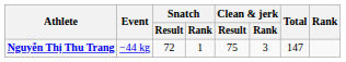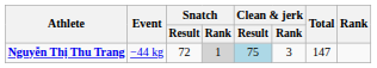 <table class="wikitable" style="font-size:90%">
 <tr>
 <th rowspan="2">Athlete</th>
 <th rowspan="2">Event</th>
 <th colspan="2">Snatch</th>
 <th colspan="2">Clean & jerk</th>
 <th rowspan="2">Total</th>
 <th rowspan="2">Rank</th>
 </tr>
 <tr style="font-size:95%">
 <th>Result</th>
 <th>Rank</th>
 <th>Result</th>
 <th>Rank</th>
 </tr>
 <tr align=center>
 <td align=left><strong><a href='#'>Nguyễn Thị Thu Trang</a></strong></td>
 <td align=left><a href='#'>−44 kg</a></td>
 <td>72</td>
-<td>1</td>
-<td>75</td>
+<td style="background: lightgrey;">1</td>
+<td style="background: lightblue;">75</td>
 <td>3</td>
 <td>147</td>
 <td></td>
 </tr>
 </table>
